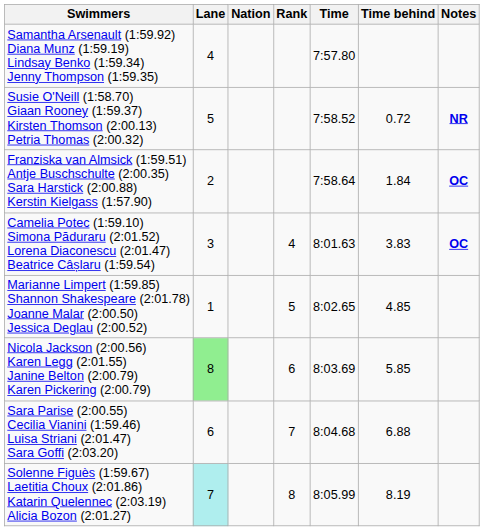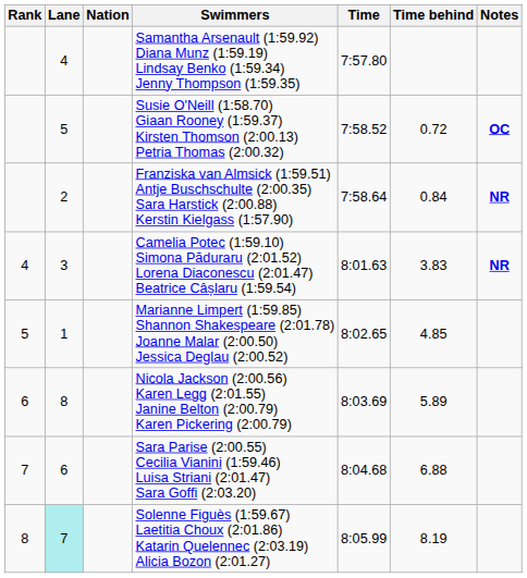 <table class="wikitable sortable" style="text-align:center">
 <tr>
-<th>Swimmers</th>
+<th>Rank</th>
 <th>Lane</th>
 <th>Nation</th>
-<th>Rank</th>
+<th>Swimmers</th>
 <th>Time</th>
 <th>Time behind</th>
 <th>Notes</th>
 </tr>
 <tr>
-<td align=left><a href='#'>Samantha Arsenault</a> (1:59.92)<br><a href='#'>Diana Munz</a> (1:59.19)<br><a href='#'>Lindsay Benko</a> (1:59.34)<br><a href='#'>Jenny Thompson</a> (1:59.35)</td>
+<td></td>
 <td>4</td>
 <td align=left></td>
-<td></td>
+<td align=left><a href='#'>Samantha Arsenault</a> (1:59.92)<br><a href='#'>Diana Munz</a> (1:59.19)<br><a href='#'>Lindsay Benko</a> (1:59.34)<br><a href='#'>Jenny Thompson</a> (1:59.35)</td>
 <td>7:57.80</td>
 <td></td>
 <td></td>
 </tr>
 <tr>
-<td align=left><a href='#'>Susie O'Neill</a> (1:58.70)<br><a href='#'>Giaan Rooney</a> (1:59.37)<br><a href='#'>Kirsten Thomson</a> (2:00.13)<br><a href='#'>Petria Thomas</a> (2:00.32)</td>
+<td></td>
 <td>5</td>
 <td align=left></td>
-<td></td>
+<td align=left><a href='#'>Susie O'Neill</a> (1:58.70)<br><a href='#'>Giaan Rooney</a> (1:59.37)<br><a href='#'>Kirsten Thomson</a> (2:00.13)<br><a href='#'>Petria Thomas</a> (2:00.32)</td>
 <td>7:58.52</td>
 <td>0.72</td>
+<td><strong><a href='#'>OC</a></strong></td>
+</tr>
+<tr>
+<td></td>
+<td>2</td>
+<td align=left></td>
+<td align=left><a href='#'>Franziska van Almsick</a> (1:59.51)<br><a href='#'>Antje Buschschulte</a> (2:00.35)<br><a href='#'>Sara Harstick</a> (2:00.88)<br><a href='#'>Kerstin Kielgass</a> (1:57.90)</td>
+<td>7:58.64</td>
+<td>0.84</td>
 <td><strong><a href='#'>NR</a></strong></td>
 </tr>
 <tr>
-<td align=left><a href='#'>Franziska van Almsick</a> (1:59.51)<br><a href='#'>Antje Buschschulte</a> (2:00.35)<br><a href='#'>Sara Harstick</a> (2:00.88)<br><a href='#'>Kerstin Kielgass</a> (1:57.90)</td>
-<td>2</td>
+<td>4</td>
+<td>3</td>
 <td align=left></td>
-<td></td>
-<td>7:58.64</td>
-<td>1.84</td>
-<td><strong><a href='#'>OC</a></strong></td>
+<td align=left><a href='#'>Camelia Potec</a> (1:59.10)<br><a href='#'>Simona Păduraru</a> (2:01.52)<br><a href='#'>Lorena Diaconescu</a> (2:01.47)<br><a href='#'>Beatrice Câșlaru</a> (1:59.54)</td>
+<td>8:01.63</td>
+<td>3.83</td>
+<td><strong><a href='#'>NR</a></strong></td>
 </tr>
 <tr>
-<td align=left><a href='#'>Camelia Potec</a> (1:59.10)<br><a href='#'>Simona Păduraru</a> (2:01.52)<br><a href='#'>Lorena Diaconescu</a> (2:01.47)<br><a href='#'>Beatrice Câșlaru</a> (1:59.54)</td>
-<td>3</td>
-<td align=left></td>
-<td>4</td>
-<td>8:01.63</td>
-<td>3.83</td>
-<td><strong><a href='#'>OC</a></strong></td>
-</tr>
-<tr>
-<td align=left><a href='#'>Marianne Limpert</a> (1:59.85)<br><a href='#'>Shannon Shakespeare</a> (2:01.78)<br><a href='#'>Joanne Malar</a> (2:00.50)<br><a href='#'>Jessica Deglau</a> (2:00.52)</td>
+<td>5</td>
 <td>1</td>
 <td align=left></td>
-<td>5</td>
+<td align=left><a href='#'>Marianne Limpert</a> (1:59.85)<br><a href='#'>Shannon Shakespeare</a> (2:01.78)<br><a href='#'>Joanne Malar</a> (2:00.50)<br><a href='#'>Jessica Deglau</a> (2:00.52)</td>
 <td>8:02.65</td>
 <td>4.85</td>
 <td></td>
 </tr>
 <tr>
+<td>6</td>
+<td>8</td>
+<td align=left></td>
 <td align=left><a href='#'>Nicola Jackson</a> (2:00.56)<br><a href='#'>Karen Legg</a> (2:01.55)<br><a href='#'>Janine Belton</a> (2:00.79)<br><a href='#'>Karen Pickering</a> (2:00.79)</td>
-<td style="background: lightgreen;">8</td>
-<td align=left></td>
-<td>6</td>
 <td>8:03.69</td>
-<td>5.85</td>
+<td>5.89</td>
 <td></td>
 </tr>
 <tr>
-<td align=left><a href='#'>Sara Parise</a> (2:00.55)<br><a href='#'>Cecilia Vianini</a> (1:59.46)<br><a href='#'>Luisa Striani</a> (2:01.47)<br><a href='#'>Sara Goffi</a> (2:03.20)</td>
+<td>7</td>
 <td>6</td>
 <td align=left></td>
-<td>7</td>
+<td align=left><a href='#'>Sara Parise</a> (2:00.55)<br><a href='#'>Cecilia Vianini</a> (1:59.46)<br><a href='#'>Luisa Striani</a> (2:01.47)<br><a href='#'>Sara Goffi</a> (2:03.20)</td>
 <td>8:04.68</td>
 <td>6.88</td>
 <td></td>
 </tr>
 <tr>
-<td align=left><a href='#'>Solenne Figuès</a> (1:59.67)<br><a href='#'>Laetitia Choux</a> (2:01.86)<br><a href='#'>Katarin Quelennec</a> (2:03.19)<br><a href='#'>Alicia Bozon</a> (2:01.27)</td>
+<td>8</td>
 <td style="background: paleturquoise;">7</td>
 <td align=left></td>
-<td>8</td>
+<td align=left><a href='#'>Solenne Figuès</a> (1:59.67)<br><a href='#'>Laetitia Choux</a> (2:01.86)<br><a href='#'>Katarin Quelennec</a> (2:03.19)<br><a href='#'>Alicia Bozon</a> (2:01.27)</td>
 <td>8:05.99</td>
 <td>8.19</td>
 <td></td>
 </tr>
 </table>
